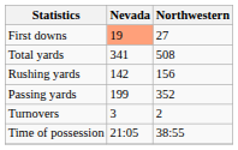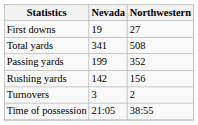 <table class="wikitable">
 <tr>
 <th>Statistics</th>
 <th>Nevada</th>
 <th>Northwestern</th>
 </tr>
 <tr>
 <td>First downs</td>
-<td style="background: lightsalmon;">19</td>
+<td>19</td>
 <td>27</td>
 </tr>
 <tr>
 <td>Total yards</td>
 <td>341</td>
 <td>508</td>
 </tr>
 <tr>
+<td>Passing yards</td>
+<td>199</td>
+<td>352</td>
+</tr>
+<tr>
 <td>Rushing yards</td>
 <td>142</td>
 <td>156</td>
-</tr>
-<tr>
-<td>Passing yards</td>
-<td>199</td>
-<td>352</td>
 </tr>
 <tr>
 <td>Turnovers</td>
 <td>3</td>
 <td>2</td>
 </tr>
 <tr>
 <td>Time of possession</td>
 <td>21:05</td>
 <td>38:55</td>
 </tr>
 <tr>
 </tr>
 </table>
